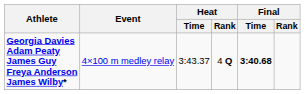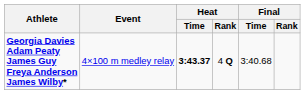 <table class="wikitable" style="text-align:center; font-size:90%">
 <tr>
 <th rowspan=2>Athlete</th>
 <th rowspan=2>Event</th>
 <th colspan=2>Heat</th>
 <th colspan=2>Final</th>
 </tr>
 <tr style="font-size:95%">
 <th>Time</th>
 <th>Rank</th>
 <th>Time</th>
 <th>Rank</th>
 </tr>
 <tr>
 <td align=left><strong><a href='#'>Georgia Davies</a><br><a href='#'>Adam Peaty</a><br><a href='#'>James Guy</a><br><a href='#'>Freya Anderson</a><br><a href='#'>James Wilby</a>*</strong></td>
 <td align=left><a href='#'>4×100 m medley relay</a></td>
-<td>3:43.37</td>
+<td><strong>3:43.37</strong></td>
 <td>4 <strong>Q</strong></td>
-<td><strong>3:40.68</strong></td>
+<td>3:40.68</td>
 <td></td>
 </tr>
 </table>
